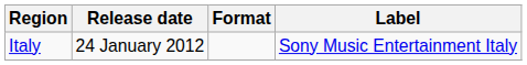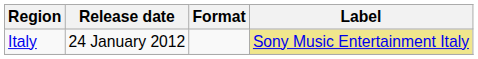 <table class="wikitable">
 <tr>
 <th>Region</th>
 <th>Release date</th>
 <th>Format</th>
 <th>Label</th>
 </tr>
 <tr>
 <td><a href='#'>Italy</a></td>
 <td>24 January 2012</td>
 <td></td>
-<td><a href='#'>Sony Music Entertainment Italy</a></td>
+<td style="background: khaki;"><a href='#'>Sony Music Entertainment Italy</a></td>
 </tr>
 <tr>
 </tr>
 </table>
